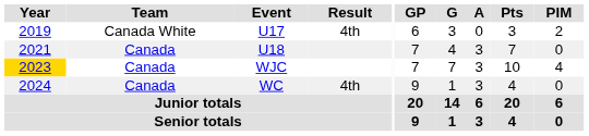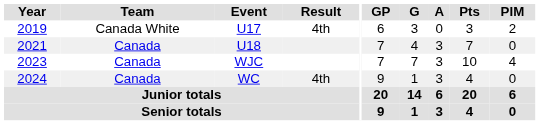 <table border="0" cellpadding="1" cellspacing="0" ID="Table3" style="text-align:center; width:40em">
 <tr bgcolor="#e0e0e0">
 <th>Year</th>
 <th>Team</th>
 <th>Event</th>
 <th>Result</th>
 <th rowspan="102" bgcolor="#ffffff"></th>
 <th>GP</th>
 <th>G</th>
 <th>A</th>
 <th>Pts</th>
 <th>PIM</th>
 </tr>
 <tr bgcolor="#ffffff">
 <td><a href='#'>2019</a></td>
 <td>Canada White</td>
 <td><a href='#'>U17</a></td>
 <td>4th</td>
 <td>6</td>
 <td>3</td>
 <td>0</td>
 <td>3</td>
 <td>2</td>
 </tr>
 <tr bgcolor="#f0f0f0">
 <td><a href='#'>2021</a></td>
 <td><a href='#'>Canada</a></td>
 <td><a href='#'>U18</a></td>
 <td></td>
 <td>7</td>
 <td>4</td>
 <td>3</td>
 <td>7</td>
 <td>0</td>
 </tr>
 <tr>
-<td style="background: gold;"><a href='#'>2023</a></td>
+<td><a href='#'>2023</a></td>
 <td><a href='#'>Canada</a></td>
 <td><a href='#'>WJC</a></td>
 <td></td>
 <td>7</td>
 <td>7</td>
 <td>3</td>
 <td>10</td>
 <td>4</td>
 </tr>
 <tr bgcolor="#f0f0f0">
 <td><a href='#'>2024</a></td>
 <td><a href='#'>Canada</a></td>
 <td><a href='#'>WC</a></td>
 <td>4th</td>
 <td>9</td>
 <td>1</td>
 <td>3</td>
 <td>4</td>
 <td>0</td>
 </tr>
 <tr bgcolor="#e0e0e0">
 <th colspan="4">Junior totals</th>
 <th>20</th>
 <th>14</th>
 <th>6</th>
 <th>20</th>
 <th>6</th>
 </tr>
 <tr bgcolor="#e0e0e0">
 <th colspan="4">Senior totals</th>
 <th>9</th>
 <th>1</th>
 <th>3</th>
 <th>4</th>
 <th>0</th>
 </tr>
 </table>
